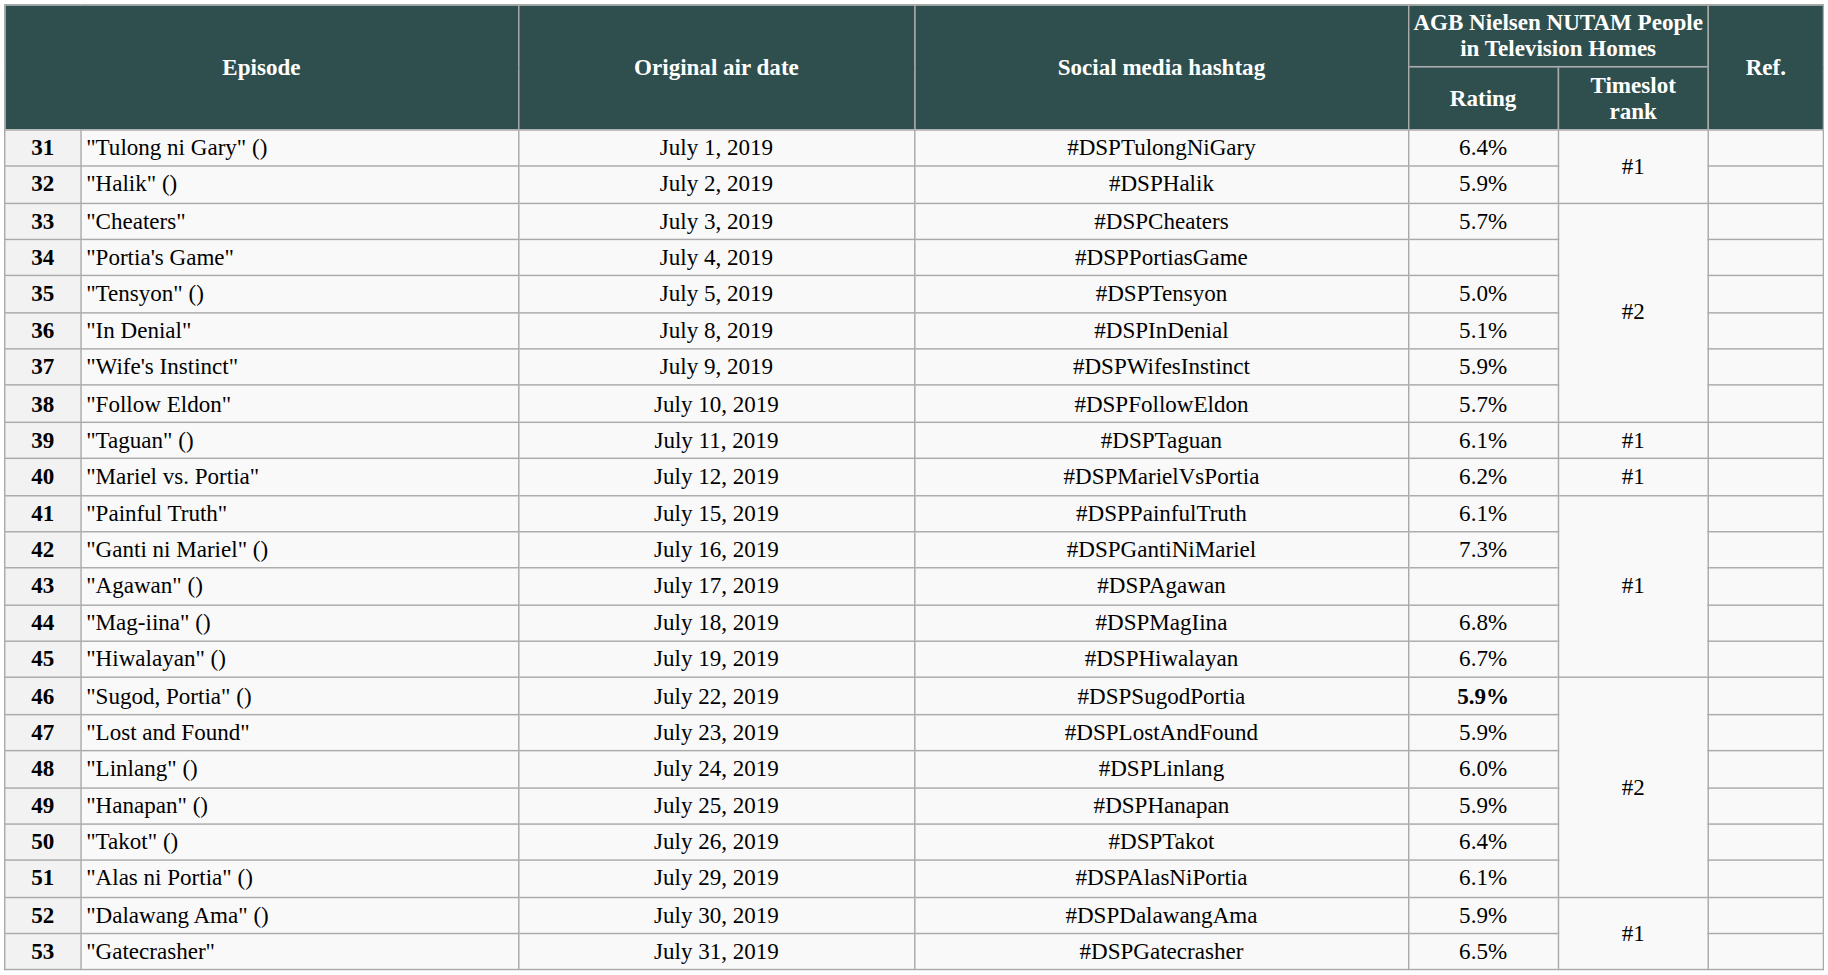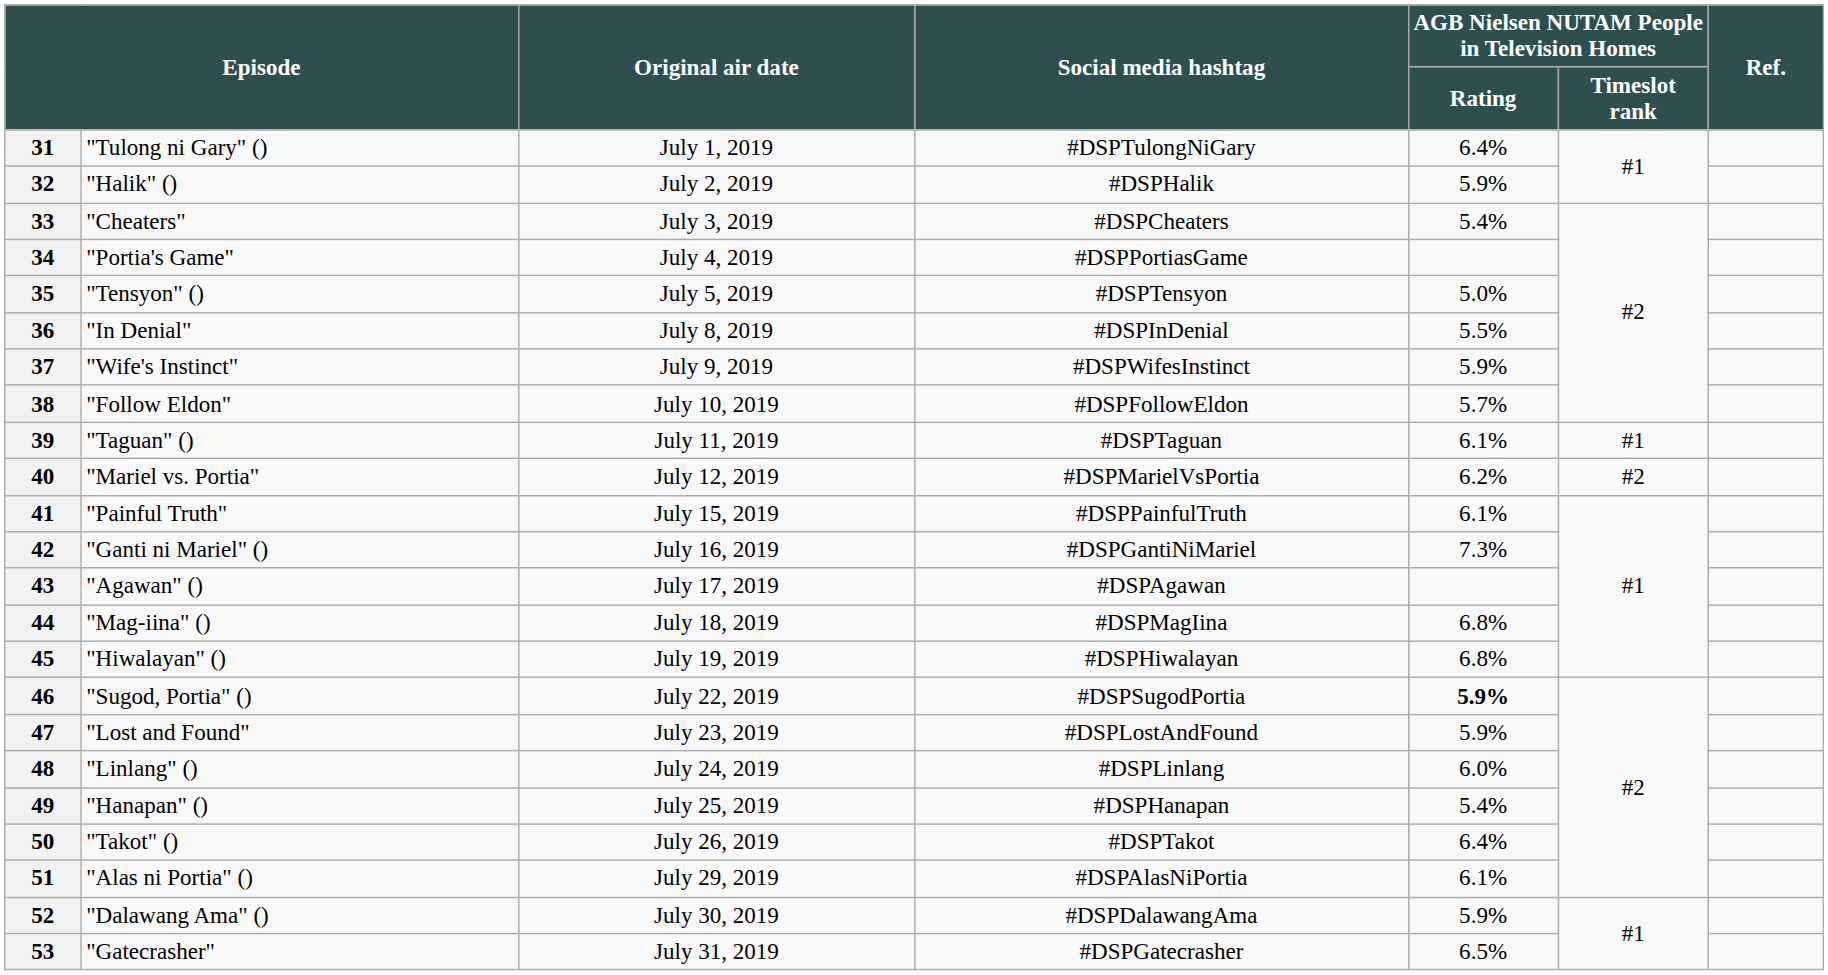 <table class="wikitable" style="text-align:center; font-size:100%; line-height:18px;" width="100%">
 <tr>
 <th style="background-color:#2F4F4F; color:#ffffff;" colspan="2" rowspan="2">Episode</th>
 <th style="background-color:#2F4F4F; color:white" rowspan="2">Original air date</th>
 <th style="background-color:#2F4F4F; color:white" rowspan="2">Social media hashtag</th>
 <th style="background-color:#2F4F4F; color:#ffffff;" colspan="2">AGB Nielsen NUTAM People in Television Homes</th>
 <th style="background-color:#2F4F4F; color:#ffffff;" rowspan="2">Ref.</th>
 </tr>
 <tr>
 <th style="background-color:#2F4F4F; width:75px; color:#ffffff;">Rating</th>
 <th style="background-color:#2F4F4F; width:75px; color:#ffffff;">Timeslot<br>rank</th>
 </tr>
 <tr>
 <th>31</th>
 <td style="text-align: left;">"Tulong ni Gary" ()</td>
 <td>July 1, 2019</td>
 <td>#DSPTulongNiGary</td>
 <td>6.4%</td>
 <td rowspan="2">#1</td>
 <td></td>
 </tr>
 <tr>
 <th>32</th>
 <td style="text-align: left;">"Halik" ()</td>
 <td>July 2, 2019</td>
 <td>#DSPHalik</td>
 <td>5.9%</td>
 <td></td>
 </tr>
 <tr>
 <th>33</th>
 <td style="text-align: left;">"Cheaters"</td>
 <td>July 3, 2019</td>
 <td>#DSPCheaters</td>
-<td>5.7%</td>
+<td>5.4%</td>
 <td rowspan="6">#2</td>
 <td></td>
 </tr>
 <tr>
 <th>34</th>
 <td style="text-align: left;">"Portia's Game"</td>
 <td>July 4, 2019</td>
 <td>#DSPPortiasGame</td>
 <td></td>
 <td></td>
 </tr>
 <tr>
 <th>35</th>
 <td style="text-align: left;">"Tensyon" ()</td>
 <td>July 5, 2019</td>
 <td>#DSPTensyon</td>
 <td>5.0%</td>
 <td></td>
 </tr>
 <tr>
 <th>36</th>
 <td style="text-align: left;">"In Denial"</td>
 <td>July 8, 2019</td>
 <td>#DSPInDenial</td>
-<td>5.1%</td>
+<td>5.5%</td>
 <td></td>
 </tr>
 <tr>
 <th>37</th>
 <td style="text-align: left;">"Wife's Instinct"</td>
 <td>July 9, 2019</td>
 <td>#DSPWifesInstinct</td>
 <td>5.9%</td>
 <td></td>
 </tr>
 <tr>
 <th>38</th>
 <td style="text-align: left;">"Follow Eldon"</td>
 <td>July 10, 2019</td>
 <td>#DSPFollowEldon</td>
 <td>5.7%</td>
 <td></td>
 </tr>
 <tr>
 <th>39</th>
 <td style="text-align: left;">"Taguan" ()</td>
 <td>July 11, 2019</td>
 <td>#DSPTaguan</td>
 <td>6.1%</td>
 <td>#1</td>
 <td></td>
 </tr>
 <tr>
 <th>40</th>
 <td style="text-align: left;">"Mariel vs. Portia"</td>
 <td>July 12, 2019</td>
 <td>#DSPMarielVsPortia</td>
 <td>6.2%</td>
-<td>#1</td>
+<td>#2</td>
 <td></td>
 </tr>
 <tr>
 <th>41</th>
 <td style="text-align: left;">"Painful Truth"</td>
 <td>July 15, 2019</td>
 <td>#DSPPainfulTruth</td>
 <td>6.1%</td>
 <td rowspan="5">#1</td>
 <td></td>
 </tr>
 <tr>
 <th>42</th>
 <td style="text-align: left;">"Ganti ni Mariel" ()</td>
 <td>July 16, 2019</td>
 <td>#DSPGantiNiMariel</td>
 <td>7.3%</td>
 <td></td>
 </tr>
 <tr>
 <th>43</th>
 <td style="text-align: left;">"Agawan" ()</td>
 <td>July 17, 2019</td>
 <td>#DSPAgawan</td>
 <td></td>
 <td></td>
 </tr>
 <tr>
 <th>44</th>
 <td style="text-align: left;">"Mag-iina" ()</td>
 <td>July 18, 2019</td>
 <td>#DSPMagIina</td>
 <td>6.8%</td>
 <td></td>
 </tr>
 <tr>
 <th>45</th>
 <td style="text-align: left;">"Hiwalayan" ()</td>
 <td>July 19, 2019</td>
 <td>#DSPHiwalayan</td>
-<td>6.7%</td>
+<td>6.8%</td>
 <td></td>
 </tr>
 <tr>
 <th>46</th>
 <td style="text-align: left;">"Sugod, Portia" ()</td>
 <td>July 22, 2019</td>
 <td>#DSPSugodPortia</td>
 <td><strong>5.9%</strong></td>
 <td rowspan="6">#2</td>
 <td></td>
 </tr>
 <tr>
 <th>47</th>
 <td style="text-align: left;">"Lost and Found"</td>
 <td>July 23, 2019</td>
 <td>#DSPLostAndFound</td>
 <td>5.9%</td>
 <td></td>
 </tr>
 <tr>
 <th>48</th>
 <td style="text-align: left;">"Linlang" ()</td>
 <td>July 24, 2019</td>
 <td>#DSPLinlang</td>
 <td>6.0%</td>
 <td></td>
 </tr>
 <tr>
 <th>49</th>
 <td style="text-align: left;">"Hanapan" ()</td>
 <td>July 25, 2019</td>
 <td>#DSPHanapan</td>
-<td>5.9%</td>
+<td>5.4%</td>
 <td></td>
 </tr>
 <tr>
 <th>50</th>
 <td style="text-align: left;">"Takot" ()</td>
 <td>July 26, 2019</td>
 <td>#DSPTakot</td>
 <td>6.4%</td>
 <td></td>
 </tr>
 <tr>
 <th>51</th>
 <td style="text-align: left;">"Alas ni Portia" ()</td>
 <td>July 29, 2019</td>
 <td>#DSPAlasNiPortia</td>
 <td>6.1%</td>
 <td></td>
 </tr>
 <tr>
 <th>52</th>
 <td style="text-align: left;">"Dalawang Ama" ()</td>
 <td>July 30, 2019</td>
 <td>#DSPDalawangAma</td>
 <td>5.9%</td>
 <td rowspan="2">#1</td>
 <td></td>
 </tr>
 <tr>
 <th>53</th>
 <td style="text-align: left;">"Gatecrasher"</td>
 <td>July 31, 2019</td>
 <td>#DSPGatecrasher</td>
 <td>6.5%</td>
 <td></td>
 </tr>
 </table>
